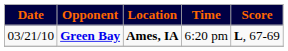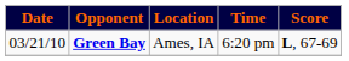 <table class="wikitable" style="text-align:center">
 <tr>
 <th style=" background:#000044;color:#ff6600;">Date</th>
 <th style=" background:#000044;color:#ff6600;">Opponent</th>
 <th style=" background:#000044;color:#ff6600;">Location</th>
 <th style=" background:#000044;color:#ff6600;">Time</th>
 <th style=" background:#000044;color:#ff6600;">Score</th>
 </tr>
 <tr>
 <td>03/21/10</td>
 <td><strong><a href='#'>Green Bay</a></strong></td>
-<td><strong>Ames, IA</strong></td>
+<td>Ames, IA</td>
 <td>6:20 pm</td>
 <td><strong>L</strong>, 67-69</td>
 </tr>
 <tr>
 </tr>
 </table>
